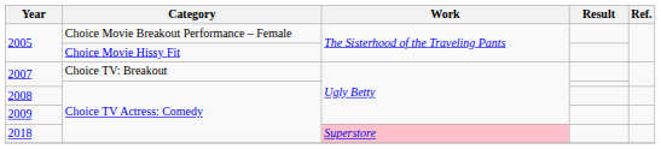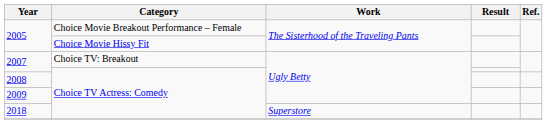 <table class=wikitable>
 <tr>
 <th scope="col" style="width:5em;">Year</th>
 <th scope="col" style="width:26em;">Category</th>
 <th scope="col" style="width:25em;">Work</th>
 <th scope="col" style="width:5em;">Result</th>
 <th>Ref.</th>
 </tr>
 <tr>
 <td rowspan="2"><a href='#'>2005</a></td>
 <td>Choice Movie Breakout Performance – Female</td>
 <td rowspan="2"><em><a href='#'>The Sisterhood of the Traveling Pants</a></em></td>
 <td></td>
 <td rowspan="2"></td>
 </tr>
 <tr>
 <td><a href='#'>Choice Movie Hissy Fit</a></td>
 <td></td>
 </tr>
 <tr>
 <td rowspan="2"><a href='#'>2007</a></td>
 <td>Choice TV: Breakout</td>
 <td rowspan=4><em><a href='#'>Ugly Betty</a></em></td>
 <td></td>
 <td rowspan="2"></td>
 </tr>
 <tr>
 <td rowspan=4><a href='#'>Choice TV Actress: Comedy</a></td>
 <td></td>
 </tr>
 <tr>
 <td><a href='#'>2008</a></td>
 <td></td>
 <td></td>
 </tr>
 <tr>
 <td><a href='#'>2009</a></td>
 <td></td>
 <td></td>
 </tr>
 <tr>
 <td><a href='#'>2018</a></td>
-<td style="background: pink;"><em><a href='#'>Superstore</a></em></td>
+<td><em><a href='#'>Superstore</a></em></td>
 <td></td>
 <td></td>
 </tr>
 <tr>
 </tr>
 </table>
